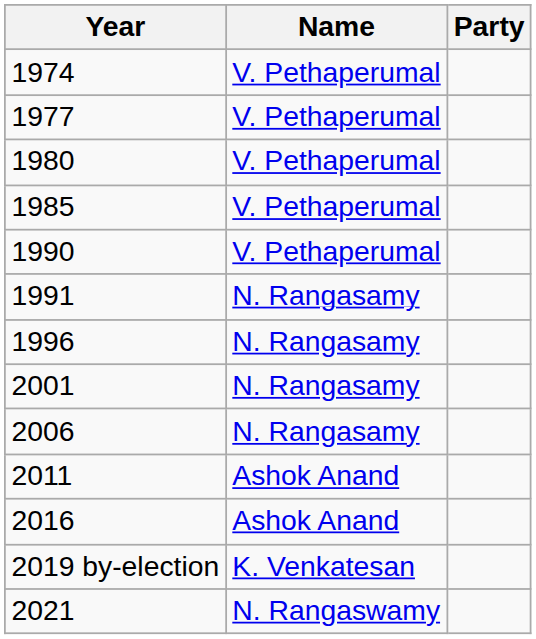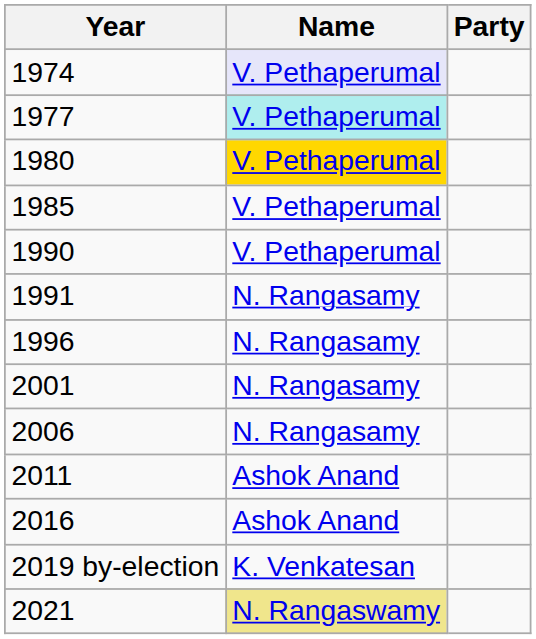 <table class="wikitable sortable">
 <tr>
 <th>Year</th>
 <th>Name</th>
 <th colspan="2">Party</th>
 </tr>
 <tr>
 <td>1974</td>
-<td><a href='#'>V. Pethaperumal</a></td>
+<td style="background: lavender;"><a href='#'>V. Pethaperumal</a></td>
 <td></td>
 </tr>
 <tr>
 <td>1977</td>
-<td><a href='#'>V. Pethaperumal</a></td>
+<td style="background: paleturquoise;"><a href='#'>V. Pethaperumal</a></td>
 <td></td>
 </tr>
 <tr>
 <td>1980</td>
-<td><a href='#'>V. Pethaperumal</a></td>
+<td style="background: gold;"><a href='#'>V. Pethaperumal</a></td>
 <td></td>
 </tr>
 <tr>
 <td>1985</td>
 <td><a href='#'>V. Pethaperumal</a></td>
 <td></td>
 </tr>
 <tr>
 <td>1990</td>
 <td><a href='#'>V. Pethaperumal</a></td>
 <td></td>
 </tr>
 <tr>
 <td>1991</td>
 <td><a href='#'>N. Rangasamy</a></td>
 <td></td>
 </tr>
 <tr>
 <td>1996</td>
 <td><a href='#'>N. Rangasamy</a></td>
 <td></td>
 </tr>
 <tr>
 <td>2001</td>
 <td><a href='#'>N. Rangasamy</a></td>
 <td></td>
 </tr>
 <tr>
 <td>2006</td>
 <td><a href='#'>N. Rangasamy</a></td>
 <td></td>
 </tr>
 <tr>
 <td>2011</td>
 <td><a href='#'>Ashok Anand</a></td>
 <td></td>
 </tr>
 <tr>
 <td>2016</td>
 <td><a href='#'>Ashok Anand</a></td>
 <td></td>
 </tr>
 <tr>
 <td>2019 by-election</td>
 <td><a href='#'>K. Venkatesan</a></td>
 <td></td>
 </tr>
 <tr>
 <td>2021</td>
-<td><a href='#'>N. Rangaswamy</a></td>
+<td style="background: khaki;"><a href='#'>N. Rangaswamy</a></td>
 <td></td>
 </tr>
 </table>
